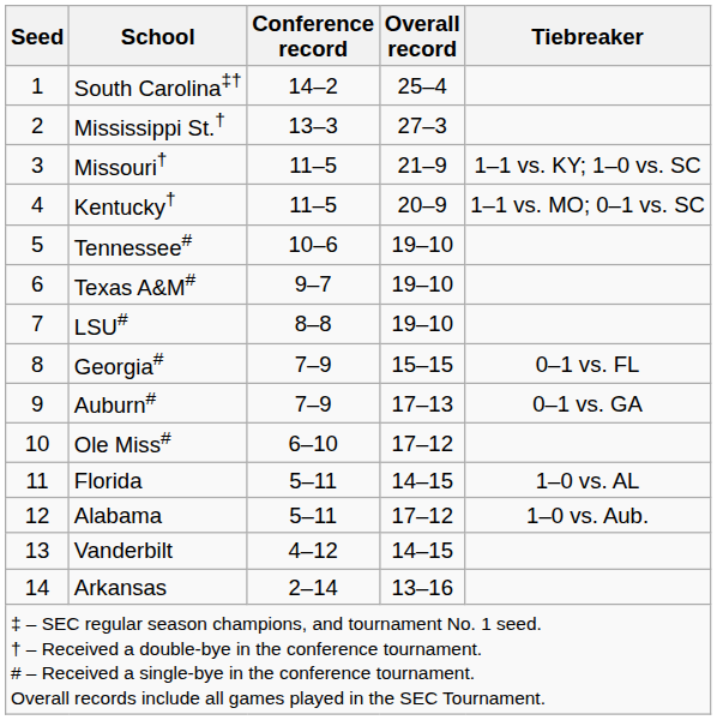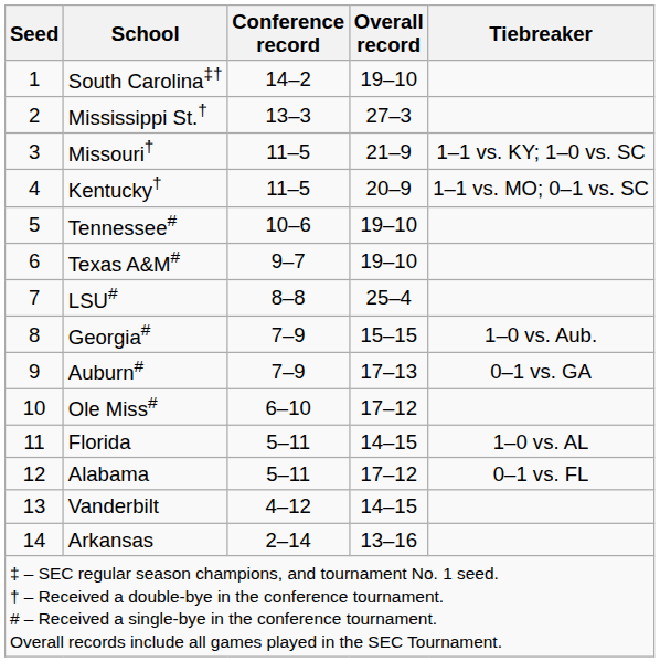 <table class="wikitable" style="white-space:nowrap; font-size:95%; text-align:center">
 <tr>
 <th>Seed</th>
 <th>School</th>
 <th>Conference<br>record</th>
 <th>Overall<br>record</th>
 <th>Tiebreaker</th>
 </tr>
 <tr>
 <td>1</td>
 <td align=left>South Carolina<sup>‡†</sup></td>
 <td>14–2</td>
-<td>25–4</td>
+<td>19–10</td>
 <td></td>
 </tr>
 <tr>
 <td>2</td>
 <td align=left>Mississippi St.<sup>†</sup></td>
 <td>13–3</td>
 <td>27–3</td>
 <td></td>
 </tr>
 <tr>
 <td>3</td>
 <td align=left>Missouri<sup>†</sup></td>
 <td>11–5</td>
 <td>21–9</td>
 <td>1–1 vs. KY; 1–0 vs. SC</td>
 </tr>
 <tr>
 <td>4</td>
 <td align=left>Kentucky<sup>†</sup></td>
 <td>11–5</td>
 <td>20–9</td>
 <td>1–1 vs. MO; 0–1 vs. SC</td>
 </tr>
 <tr>
 <td>5</td>
 <td align=left>Tennessee<sup>#</sup></td>
 <td>10–6</td>
 <td>19–10</td>
 <td></td>
 </tr>
 <tr>
 <td>6</td>
 <td align=left>Texas A&M<sup>#</sup></td>
 <td>9–7</td>
 <td>19–10</td>
 <td></td>
 </tr>
 <tr>
 <td>7</td>
 <td align=left>LSU<sup>#</sup></td>
 <td>8–8</td>
-<td>19–10</td>
+<td>25–4</td>
 <td></td>
 </tr>
 <tr>
 <td>8</td>
 <td align=left>Georgia<sup>#</sup></td>
 <td>7–9</td>
 <td>15–15</td>
-<td>0–1 vs. FL</td>
+<td>1–0 vs. Aub.</td>
 </tr>
 <tr>
 <td>9</td>
 <td align=left>Auburn<sup>#</sup></td>
 <td>7–9</td>
 <td>17–13</td>
 <td>0–1 vs. GA</td>
 </tr>
 <tr>
 <td>10</td>
 <td align=left>Ole Miss<sup>#</sup></td>
 <td>6–10</td>
 <td>17–12</td>
 <td></td>
 </tr>
 <tr>
 <td>11</td>
 <td align=left>Florida</td>
 <td>5–11</td>
 <td>14–15</td>
 <td>1–0 vs. AL</td>
 </tr>
 <tr>
 <td>12</td>
 <td align=left>Alabama</td>
 <td>5–11</td>
 <td>17–12</td>
-<td>1–0 vs. Aub.</td>
+<td>0–1 vs. FL</td>
 </tr>
 <tr>
 <td>13</td>
 <td align=left>Vanderbilt</td>
 <td>4–12</td>
 <td>14–15</td>
 <td></td>
 </tr>
 <tr>
 <td>14</td>
 <td align=left>Arkansas</td>
 <td>2–14</td>
 <td>13–16</td>
 <td></td>
 </tr>
 <tr>
 <td colspan=6 align=left><small>‡ – SEC regular season champions, and tournament No. 1 seed.<br>† – Received a double-bye in the conference tournament.<br># – Received a single-bye in the conference tournament.<br>Overall records include all games played in the SEC Tournament.</small></td>
 </tr>
 </table>
